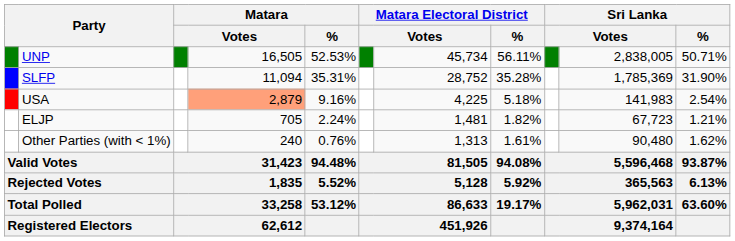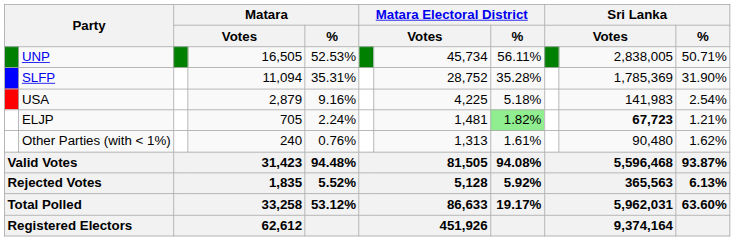 <table class="wikitable">
 <tr>
 <th colspan="2" width="144px"rowspan="2">Party</th>
 <th colspan="3" width="216px">Matara</th>
 <th colspan="3" width="216px"><a href='#'>Matara Electoral District</a></th>
 <th colspan="3" width="216px">Sri Lanka</th>
 </tr>
 <tr>
 <th colspan="2" width="144px">Votes</th>
 <th>%</th>
 <th colspan="2" width="144px">Votes</th>
 <th>%</th>
 <th colspan="2" width="144px">Votes</th>
 <th>%</th>
 </tr>
 <tr>
 <td style="background-color:green;" width="10px"></td>
 <td style="text-align:left;"><a href='#'>UNP</a></td>
 <td style="background-color:green;" width="10px"></td>
 <td style="text-align:right;">16,505</td>
 <td style="text-align:right;">52.53%</td>
 <td style="background-color:green;" width="10px"></td>
 <td style="text-align:right;">45,734</td>
 <td style="text-align:right;">56.11%</td>
 <td style="background-color:green;" width="10px"></td>
 <td style="text-align:right;">2,838,005</td>
 <td style="text-align:right;">50.71%</td>
 </tr>
 <tr>
 <td style="background-color:blue;" width="10px"></td>
 <td style="text-align:left;"><a href='#'>SLFP</a></td>
 <td style="background-color:white;" width="10px"></td>
 <td style="text-align:right;">11,094</td>
 <td style="text-align:right;">35.31%</td>
 <td style="background-color:white;" width="10px"></td>
 <td style="text-align:right;">28,752</td>
 <td style="text-align:right;">35.28%</td>
 <td style="background-color:white;" width="10px"></td>
 <td style="text-align:right;">1,785,369</td>
 <td style="text-align:right;">31.90%</td>
 </tr>
 <tr>
 <td style="background-color:red;" width="10px"></td>
 <td style="text-align:left;">USA</td>
 <td style="background-color:white;" width="10px"></td>
-<td style="background: lightsalmon; text-align:right;">2,879</td>
+<td style="text-align:right;">2,879</td>
 <td style="text-align:right;">9.16%</td>
 <td style="background-color:white;" width="10px"></td>
 <td style="text-align:right;">4,225</td>
 <td style="text-align:right;">5.18%</td>
 <td style="background-color:white;" width="10px"></td>
 <td style="text-align:right;">141,983</td>
 <td style="text-align:right;">2.54%</td>
 </tr>
 <tr>
 <td style="background-color:white;" width="10px"></td>
 <td style="text-align:left;">ELJP</td>
 <td style="background-color:white;" width="10px"></td>
 <td style="text-align:right;">705</td>
 <td style="text-align:right;">2.24%</td>
 <td style="background-color:white;" width="10px"></td>
 <td style="text-align:right;">1,481</td>
-<td style="text-align:right;">1.82%</td>
+<td style="background: lightgreen; text-align:right;">1.82%</td>
 <td style="background-color:white;" width="10px"></td>
-<td style="text-align:right;">67,723</td>
+<td style="text-align:right;"><strong>67,723</strong></td>
 <td style="text-align:right;">1.21%</td>
 </tr>
 <tr>
 <td style="background-color:white;" width="10px"></td>
 <td style="text-align:left;">Other Parties (with < 1%)</td>
 <td style="background-color:white;" width="10px"></td>
 <td style="text-align:right;">240</td>
 <td style="text-align:right;">0.76%</td>
 <td style="background-color:white;" width="10px"></td>
 <td style="text-align:right;">1,313</td>
 <td style="text-align:right;">1.61%</td>
 <td style="background-color:white;" width="10px"></td>
 <td style="text-align:right;">90,480</td>
 <td style="text-align:right;">1.62%</td>
 </tr>
 <tr>
 <th colspan="2" width="144px"style="text-align:left;">Valid Votes</th>
 <th style="text-align:right;"colspan="2" width="144px">31,423</th>
 <th style="text-align:right;">94.48%</th>
 <th style="text-align:right;"colspan="2" width="144px">81,505</th>
 <th style="text-align:right;">94.08%</th>
 <th style="text-align:right;"colspan="2" width="144px">5,596,468</th>
 <th style="text-align:right;">93.87%</th>
 </tr>
 <tr>
 <th colspan="2" width="144px"style="text-align:left;">Rejected Votes</th>
 <th style="text-align:right;"colspan="2" width="144px">1,835</th>
 <th style="text-align:right;">5.52%</th>
 <th style="text-align:right;"colspan="2" width="144px">5,128</th>
 <th style="text-align:right;">5.92%</th>
 <th style="text-align:right;"colspan="2" width="144px">365,563</th>
 <th style="text-align:right;">6.13%</th>
 </tr>
 <tr>
 <th colspan="2" width="144px"style="text-align:left;">Total Polled</th>
 <th style="text-align:right;"colspan="2" width="144px">33,258</th>
 <th style="text-align:right;">53.12%</th>
 <th style="text-align:right;"colspan="2" width="144px">86,633</th>
 <th style="text-align:right;">19.17%</th>
 <th style="text-align:right;"colspan="2" width="144px">5,962,031</th>
 <th style="text-align:right;">63.60%</th>
 </tr>
 <tr>
 <th colspan="2" width="144px"style="text-align:left;">Registered Electors</th>
 <th style="text-align:right;"colspan="2" width="144px">62,612</th>
 <th></th>
 <th style="text-align:right;"colspan="2" width="144px">451,926</th>
 <th></th>
 <th style="text-align:right;"colspan="2" width="144px">9,374,164</th>
 <th></th>
 </tr>
 </table>
